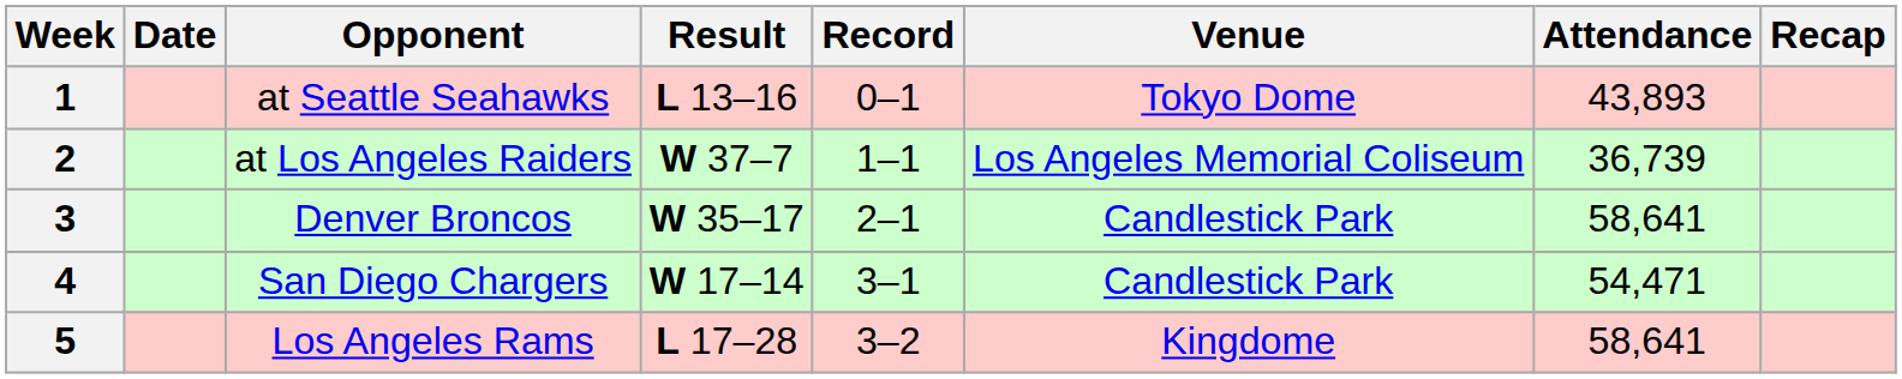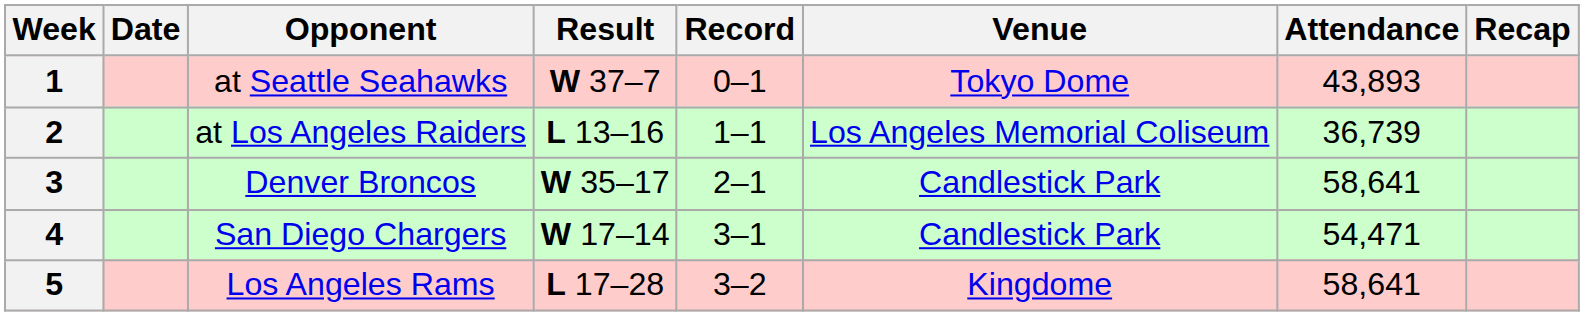 <table class="wikitable" style="text-align:center">
 <tr>
 <th>Week</th>
 <th>Date</th>
 <th>Opponent</th>
 <th>Result</th>
 <th>Record</th>
 <th>Venue</th>
 <th>Attendance</th>
 <th>Recap</th>
 </tr>
 <tr style="background:#fcc">
 <th>1</th>
 <td></td>
 <td>at <a href='#'>Seattle Seahawks</a></td>
-<td><strong>L</strong> 13–16 </td>
+<td><strong>W</strong> 37–7</td>
 <td>0–1</td>
 <td> <a href='#'>Tokyo Dome</a></td>
 <td>43,893</td>
 <td></td>
 </tr>
 <tr style="background:#cfc">
 <th>2</th>
 <td></td>
 <td>at <a href='#'>Los Angeles Raiders</a></td>
-<td><strong>W</strong> 37–7</td>
+<td><strong>L</strong> 13–16 </td>
 <td>1–1</td>
 <td><a href='#'>Los Angeles Memorial Coliseum</a></td>
 <td>36,739</td>
 <td></td>
 </tr>
 <tr style="background:#cfc">
 <th>3</th>
 <td></td>
 <td><a href='#'>Denver Broncos</a></td>
 <td><strong>W</strong> 35–17</td>
 <td>2–1</td>
 <td><a href='#'>Candlestick Park</a></td>
 <td>58,641</td>
 <td></td>
 </tr>
 <tr style="background:#cfc">
 <th>4</th>
 <td></td>
 <td><a href='#'>San Diego Chargers</a></td>
 <td><strong>W</strong> 17–14</td>
 <td>3–1</td>
 <td><a href='#'>Candlestick Park</a></td>
 <td>54,471</td>
 <td></td>
 </tr>
 <tr style="background:#fcc">
 <th>5</th>
 <td></td>
 <td><a href='#'>Los Angeles Rams</a></td>
 <td><strong>L</strong> 17–28</td>
 <td>3–2</td>
 <td><a href='#'>Kingdome</a></td>
 <td>58,641</td>
 <td></td>
 </tr>
 </table>
